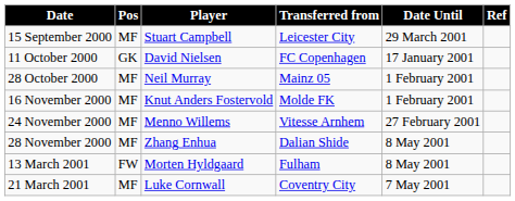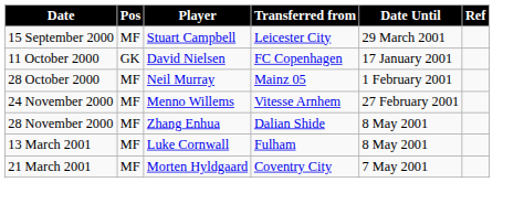 <table class="wikitable plainrowheaders sortable">
 <tr>
 <th style="background:#000000; color:#FFFFFF; ">Date</th>
 <th style="background:#000000; color:#FFFFff; ">Pos</th>
 <th style="background:#000000; color:#FFFFff; ">Player</th>
 <th style="background:#000000; color:#FFFFff; ">Transferred from</th>
 <th style="background:#000000; color:#FFFFff; ">Date Until</th>
 <th style="background:#000000; color:#FFFFff; ">Ref</th>
 </tr>
 <tr>
 <td>15 September 2000</td>
 <td>MF</td>
 <td> <a href='#'>Stuart Campbell</a></td>
 <td> <a href='#'>Leicester City</a></td>
 <td>29 March 2001</td>
 <td></td>
 </tr>
 <tr>
 <td>11 October 2000</td>
 <td>GK</td>
 <td> <a href='#'>David Nielsen</a></td>
 <td> <a href='#'>FC Copenhagen</a></td>
 <td>17 January 2001</td>
 <td></td>
 </tr>
 <tr>
 <td>28 October 2000</td>
 <td>MF</td>
 <td> <a href='#'>Neil Murray</a></td>
 <td> <a href='#'>Mainz 05</a></td>
 <td>1 February 2001</td>
 <td></td>
 </tr>
 <tr>
-<td>16 November 2000</td>
-<td>MF</td>
-<td> <a href='#'>Knut Anders Fostervold</a></td>
-<td> <a href='#'>Molde FK</a></td>
-<td>1 February 2001</td>
-<td></td>
-</tr>
-<tr>
 <td>24 November 2000</td>
 <td>MF</td>
 <td> <a href='#'>Menno Willems</a></td>
 <td> <a href='#'>Vitesse Arnhem</a></td>
 <td>27 February 2001</td>
 </tr>
 <tr>
 <td>28 November 2000</td>
 <td>MF</td>
 <td> <a href='#'>Zhang Enhua</a></td>
 <td> <a href='#'>Dalian Shide</a></td>
 <td>8 May 2001</td>
 <td></td>
 </tr>
 <tr>
 <td>13 March 2001</td>
-<td>FW</td>
-<td> <a href='#'>Morten Hyldgaard</a></td>
+<td>MF</td>
+<td> <a href='#'>Luke Cornwall</a></td>
 <td> <a href='#'>Fulham</a></td>
 <td>8 May 2001</td>
 <td></td>
 </tr>
 <tr>
 <td>21 March 2001</td>
 <td>MF</td>
-<td> <a href='#'>Luke Cornwall</a></td>
+<td> <a href='#'>Morten Hyldgaard</a></td>
 <td> <a href='#'>Coventry City</a></td>
 <td>7 May 2001</td>
 <td></td>
 </tr>
 </table>
